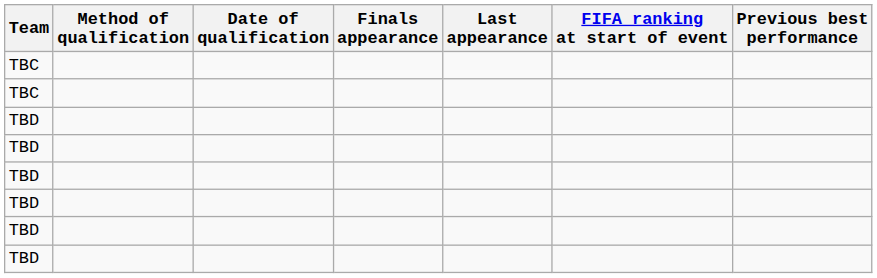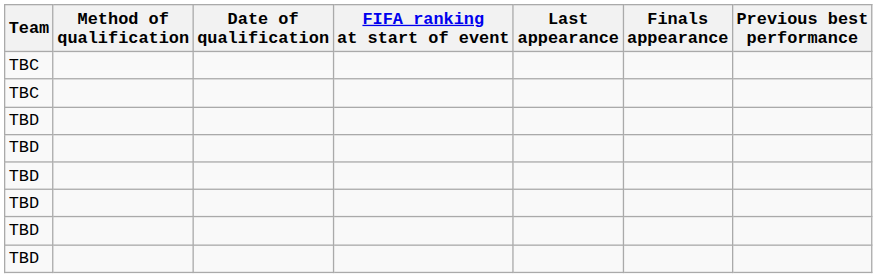 <table class="wikitable sortable">
 <tr>
 <th>Team</th>
 <th>Method of<br>qualification</th>
 <th>Date of<br>qualification</th>
+<th><a href='#'>FIFA ranking</a><br>at start of event</th>
+<th>Last<br>appearance</th>
 <th>Finals<br>appearance</th>
-<th>Last<br>appearance</th>
-<th><a href='#'>FIFA ranking</a><br>at start of event</th>
 <th>Previous best<br>performance</th>
 </tr>
 <tr>
 <td>TBC</td>
 <td></td>
 <td></td>
 <td></td>
 <td></td>
 <td></td>
 <td></td>
 </tr>
 <tr>
 <td>TBC</td>
 <td></td>
 <td></td>
 <td></td>
 <td></td>
 <td></td>
 <td></td>
 </tr>
 <tr>
 <td>TBD</td>
 <td></td>
 <td></td>
 <td></td>
 <td></td>
 <td></td>
 <td></td>
 </tr>
 <tr>
 <td>TBD</td>
 <td></td>
 <td></td>
 <td></td>
 <td></td>
 <td></td>
 <td></td>
 </tr>
 <tr>
 <td>TBD</td>
 <td></td>
 <td></td>
 <td></td>
 <td></td>
 <td></td>
 <td></td>
 </tr>
 <tr>
 <td>TBD</td>
 <td></td>
 <td></td>
 <td></td>
 <td></td>
 <td></td>
 <td></td>
 </tr>
 <tr>
 <td>TBD</td>
 <td></td>
 <td></td>
 <td></td>
 <td></td>
 <td></td>
 <td></td>
 </tr>
 <tr>
 <td>TBD</td>
 <td></td>
 <td></td>
 <td></td>
 <td></td>
 <td></td>
 <td></td>
 </tr>
 </table>
